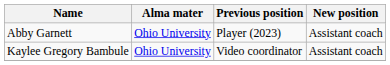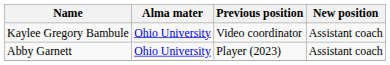 <table class="wikitable sortable" border="1">
 <tr align=center>
 <th>Name</th>
 <th>Alma mater</th>
 <th>Previous position</th>
 <th>New position</th>
 </tr>
 <tr>
+<td>Kaylee Gregory Bambule</td>
+<td><a href='#'>Ohio University</a></td>
+<td>Video coordinator</td>
+<td>Assistant coach</td>
+</tr>
+<tr>
 <td>Abby Garnett</td>
 <td><a href='#'>Ohio University</a></td>
 <td>Player (2023)</td>
 <td>Assistant coach</td>
 </tr>
 <tr>
-<td>Kaylee Gregory Bambule</td>
-<td><a href='#'>Ohio University</a></td>
-<td>Video coordinator</td>
-<td>Assistant coach</td>
-</tr>
-<tr>
 </tr>
 </table>
